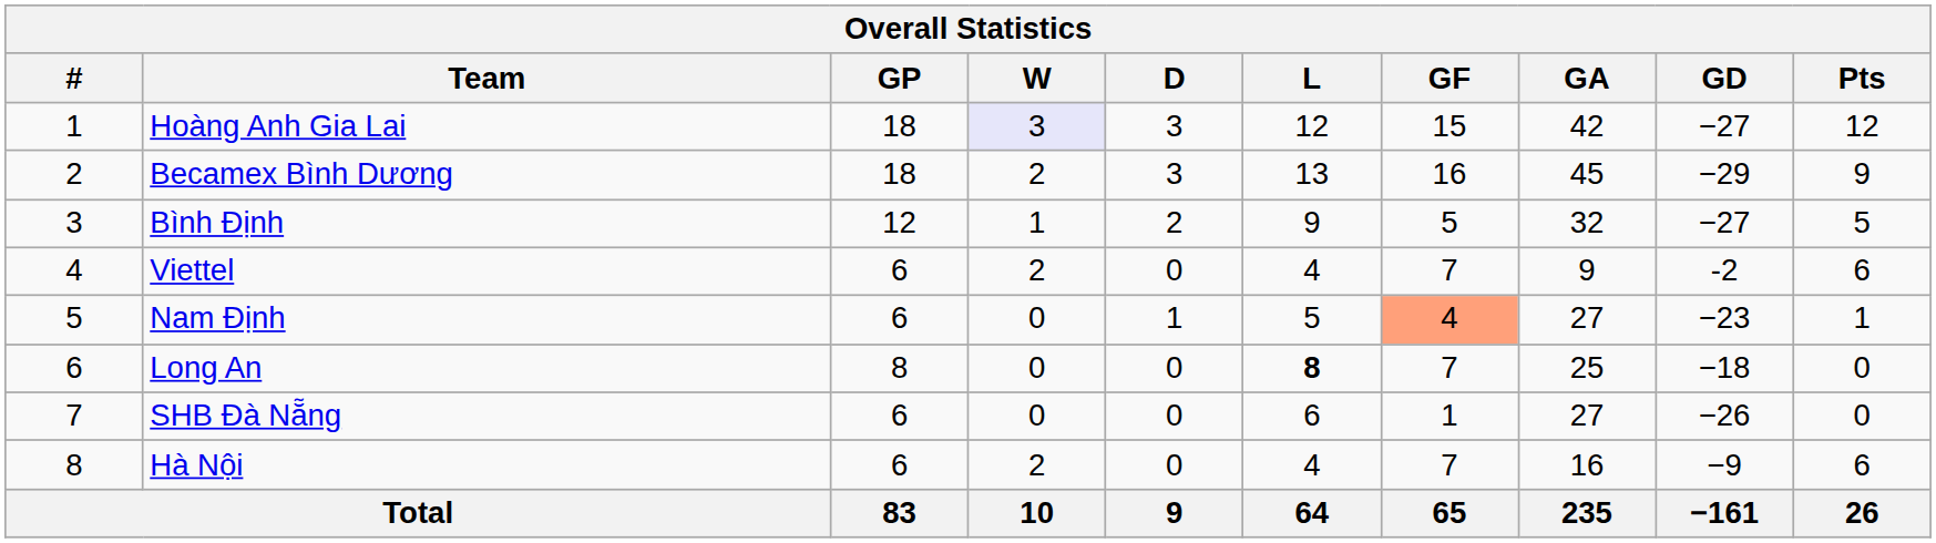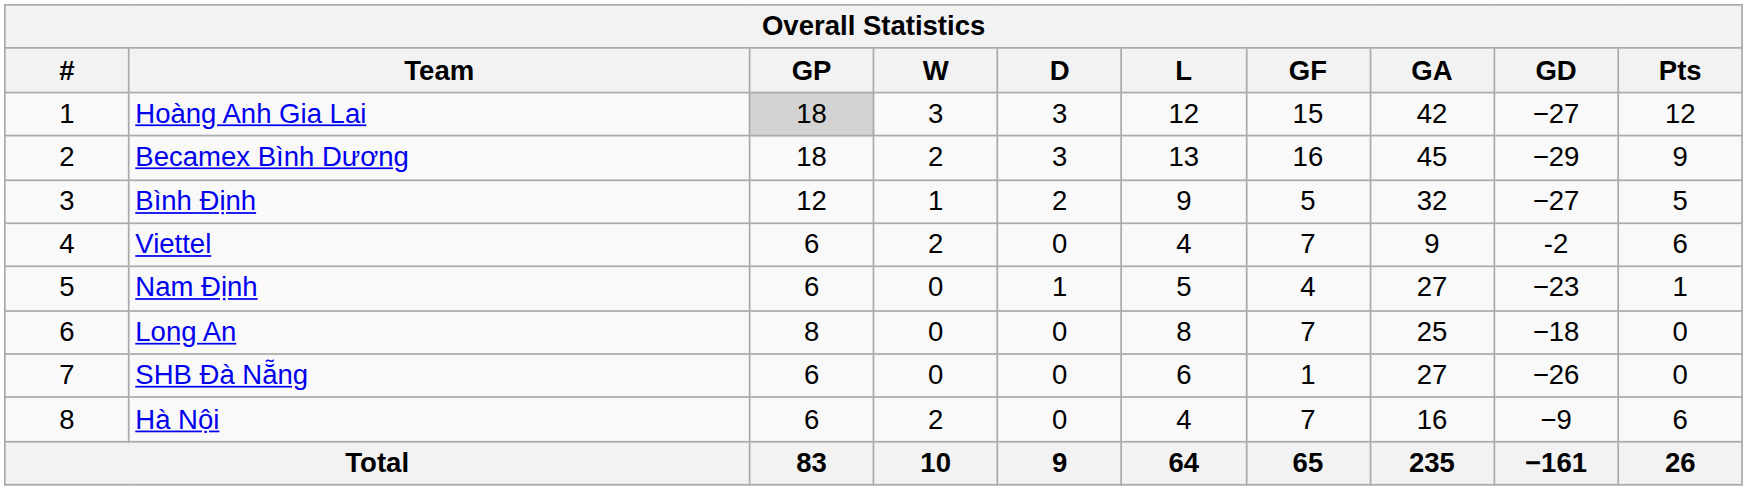 <table width=80% class="wikitable sortable" style="text-align:center;">
 <tr>
 <th colspan=10>Overall Statistics</th>
 </tr>
 <tr>
 <th width=5%>#</th>
 <th width=25%>Team</th>
 <th width=5%>GP</th>
 <th width=5%>W</th>
 <th width=5%>D</th>
 <th width=5%>L</th>
 <th width=5%>GF</th>
 <th width=5%>GA</th>
 <th width=5%>GD</th>
 <th width=5%>Pts</th>
 </tr>
 <tr>
 <td>1</td>
 <td align=left> <a href='#'>Hoàng Anh Gia Lai</a></td>
-<td>18</td>
-<td style="background: lavender;">3</td>
+<td style="background: lightgrey;">18</td>
+<td>3</td>
 <td>3</td>
 <td>12</td>
 <td>15</td>
 <td>42</td>
 <td>−27</td>
 <td>12</td>
 </tr>
 <tr>
 <td>2</td>
 <td align=left> <a href='#'>Becamex Bình Dương</a></td>
 <td>18</td>
 <td>2</td>
 <td>3</td>
 <td>13</td>
 <td>16</td>
 <td>45</td>
 <td>−29</td>
 <td>9</td>
 </tr>
 <tr>
 <td>3</td>
 <td align=left> <a href='#'>Bình Định</a></td>
 <td>12</td>
 <td>1</td>
 <td>2</td>
 <td>9</td>
 <td>5</td>
 <td>32</td>
 <td>−27</td>
 <td>5</td>
 </tr>
 <tr>
 <td>4</td>
 <td align=left> <a href='#'>Viettel</a></td>
 <td>6</td>
 <td>2</td>
 <td>0</td>
 <td>4</td>
 <td>7</td>
 <td>9</td>
 <td>-2</td>
 <td>6</td>
 </tr>
 <tr>
 <td>5</td>
 <td align=left> <a href='#'>Nam Định</a></td>
 <td>6</td>
 <td>0</td>
 <td>1</td>
 <td>5</td>
-<td style="background: lightsalmon;">4</td>
+<td>4</td>
 <td>27</td>
 <td>−23</td>
 <td>1</td>
 </tr>
 <tr>
 <td>6</td>
 <td align=left> <a href='#'>Long An</a></td>
 <td>8</td>
 <td>0</td>
 <td>0</td>
-<td><strong>8</strong></td>
+<td>8</td>
 <td>7</td>
 <td>25</td>
 <td>−18</td>
 <td>0</td>
 </tr>
 <tr>
 <td>7</td>
 <td align=left> <a href='#'>SHB Đà Nẵng</a></td>
 <td>6</td>
 <td>0</td>
 <td>0</td>
 <td>6</td>
 <td>1</td>
 <td>27</td>
 <td>−26</td>
 <td>0</td>
 </tr>
 <tr>
 <td>8</td>
 <td align=left> <a href='#'>Hà Nội</a></td>
 <td>6</td>
 <td>2</td>
 <td>0</td>
 <td>4</td>
 <td>7</td>
 <td>16</td>
 <td>−9</td>
 <td>6</td>
 </tr>
 <tr>
 <th colspan="2">Total</th>
 <th>83</th>
 <th>10</th>
 <th>9</th>
 <th>64</th>
 <th>65</th>
 <th>235</th>
 <th>−161</th>
 <th>26</th>
 </tr>
 </table>
